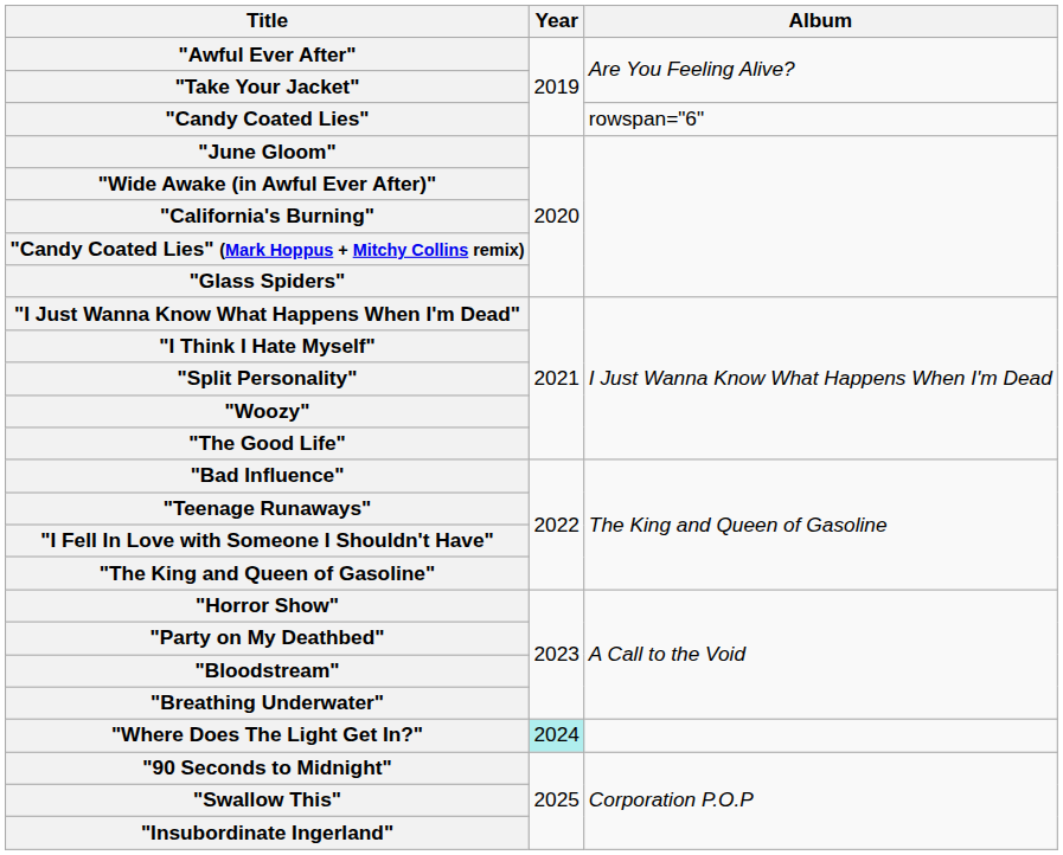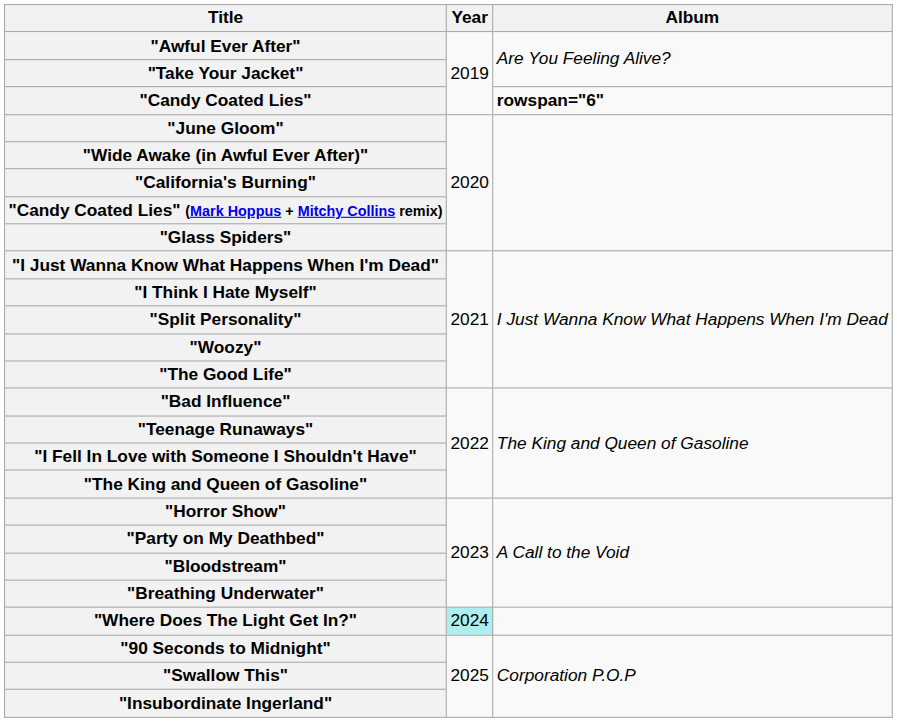 <table class="wikitable plainrowheaders">
 <tr>
 <th scope="col">Title</th>
 <th scope="col">Year</th>
 <th scope="col">Album</th>
 </tr>
 <tr>
 <th scope="row">"Awful Ever After"</th>
 <td rowspan="3">2019</td>
 <td rowspan="2"><em>Are You Feeling Alive?</em></td>
 </tr>
 <tr>
 <th scope="row">"Take Your Jacket"</th>
 </tr>
 <tr>
 <th scope="row">"Candy Coated Lies"</th>
-<td>rowspan="6" </td>
+<td><strong>rowspan="6" </strong></td>
 </tr>
 <tr>
 <th scope="row">"June Gloom"</th>
 <td rowspan="5">2020</td>
 </tr>
 <tr>
 <th scope="row">"Wide Awake (in Awful Ever After)"</th>
 </tr>
 <tr>
 <th scope="row">"California's Burning"</th>
 </tr>
 <tr>
 <th scope="row">"Candy Coated Lies" <small>(<a href='#'>Mark Hoppus</a> + <a href='#'>Mitchy Collins</a> remix)</small></th>
 </tr>
 <tr>
 <th scope="row">"Glass Spiders"</th>
 </tr>
 <tr>
 <th scope="row">"I Just Wanna Know What Happens When I'm Dead"</th>
 <td rowspan="5">2021</td>
 <td rowspan="5"><em>I Just Wanna Know What Happens When I'm Dead</em></td>
 </tr>
 <tr>
 <th scope="row">"I Think I Hate Myself"</th>
 </tr>
 <tr>
 <th scope="row">"Split Personality"</th>
 </tr>
 <tr>
 <th scope="row">"Woozy"</th>
 </tr>
 <tr>
 <th scope="row">"The Good Life"</th>
 </tr>
 <tr>
 <th scope="row">"Bad Influence"</th>
 <td rowspan="4">2022</td>
 <td rowspan="4"><em>The King and Queen of Gasoline</em></td>
 </tr>
 <tr>
 <th scope="row">"Teenage Runaways"</th>
 </tr>
 <tr>
 <th scope="row">"I Fell In Love with Someone I Shouldn't Have"</th>
 </tr>
 <tr>
 <th scope="row">"The King and Queen of Gasoline"</th>
 </tr>
 <tr>
 <th scope="row">"Horror Show"</th>
 <td rowspan="4">2023</td>
 <td rowspan="4"><em>A Call to the Void</em></td>
 </tr>
 <tr>
 <th scope="row">"Party on My Deathbed"</th>
 </tr>
 <tr>
 <th scope="row">"Bloodstream"</th>
 </tr>
 <tr>
 <th scope="row">"Breathing Underwater"</th>
 </tr>
 <tr>
 <th scope="row">"Where Does The Light Get In?"</th>
 <td style="background: paleturquoise;">2024</td>
 <td></td>
 </tr>
 <tr>
 <th scope="row">"90 Seconds to Midnight"</th>
 <td rowspan="3">2025</td>
 <td rowspan="3"><em>Corporation P.O.P</em></td>
 </tr>
 <tr>
 <th scope="row">"Swallow This"</th>
 </tr>
 <tr>
 <th scope="row">"Insubordinate Ingerland"</th>
 </tr>
 </table>
